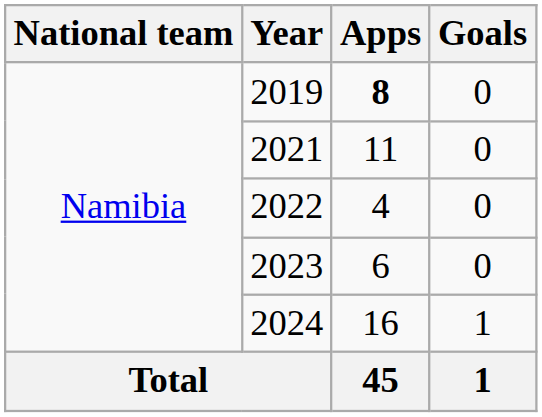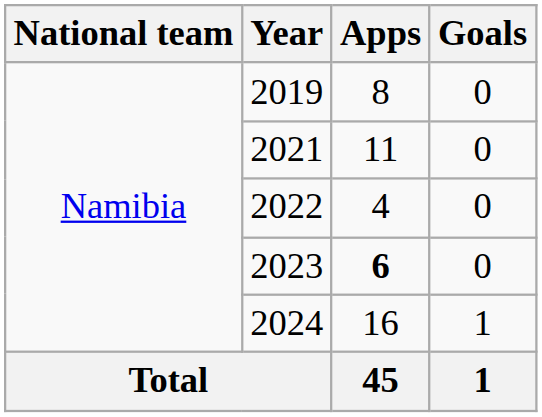 <table class=wikitable style=text-align:center>
 <tr>
 <th>National team</th>
 <th>Year</th>
 <th>Apps</th>
 <th>Goals</th>
 </tr>
 <tr>
 <td rowspan="5"><a href='#'>Namibia</a></td>
 <td>2019</td>
-<td><strong>8</strong></td>
+<td>8</td>
 <td>0</td>
 </tr>
 <tr>
 <td>2021</td>
 <td>11</td>
 <td>0</td>
 </tr>
 <tr>
 <td>2022</td>
 <td>4</td>
 <td>0</td>
 </tr>
 <tr>
 <td>2023</td>
-<td>6</td>
+<td><strong>6</strong></td>
 <td>0</td>
 </tr>
 <tr>
 <td>2024</td>
 <td>16</td>
 <td>1</td>
 </tr>
 <tr>
 <th colspan="2">Total</th>
 <th>45</th>
 <th>1</th>
 </tr>
 </table>
